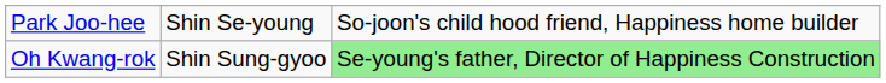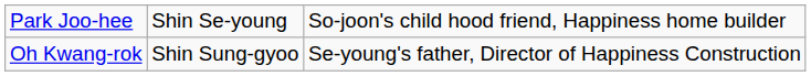 <table class="wikitable">
 <tr>
 <td><a href='#'>Park Joo-hee</a></td>
 <td>Shin Se-young</td>
 <td>So-joon's child hood friend, Happiness home builder</td>
 </tr>
 <tr>
 <td><a href='#'>Oh Kwang-rok</a></td>
 <td>Shin Sung-gyoo</td>
-<td style="background: lightgreen;">Se-young's father, Director of Happiness Construction</td>
+<td>Se-young's father, Director of Happiness Construction</td>
 </tr>
 </table>
